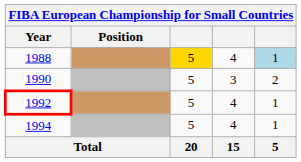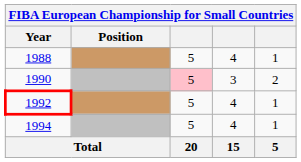 <table class="wikitable" style="text-align: center;font-size:90%;">
 <tr>
 <th colspan=5><a href='#'>FIBA European Championship for Small Countries</a></th>
 </tr>
 <tr>
 <th>Year</th>
 <th>Position</th>
 <th width=40></th>
 <th width=40></th>
 <th width=40></th>
 </tr>
 <tr>
 <td> <a href='#'>1988</a></td>
 <td bgcolor=#cc9966></td>
-<td style="background: gold;">5</td>
+<td>5</td>
 <td>4</td>
-<td style="background: lightblue;">1</td>
+<td>1</td>
 </tr>
 <tr>
 <td> <a href='#'>1990</a></td>
 <td bgcolor=silver></td>
-<td>5</td>
+<td style="background: pink;">5</td>
 <td>3</td>
 <td>2</td>
 </tr>
 <tr>
 <td style="border: 3px solid red"> <a href='#'>1992</a></td>
 <td bgcolor=#cc9966></td>
 <td>5</td>
 <td>4</td>
 <td>1</td>
 </tr>
 <tr>
 <td> <a href='#'>1994</a></td>
 <td bgcolor=silver></td>
 <td>5</td>
 <td>4</td>
 <td>1</td>
 </tr>
 <tr>
 <th colspan=2>Total</th>
 <th>20</th>
 <th>15</th>
 <th>5</th>
 </tr>
 </table>
